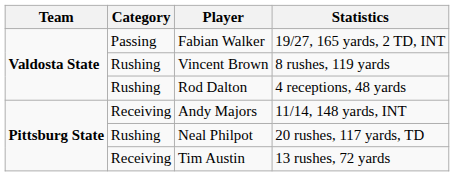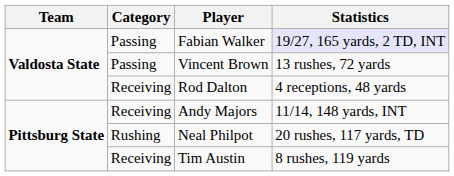 <table class="wikitable" style="float: right;">
 <tr>
 <th>Team</th>
 <th>Category</th>
 <th>Player</th>
 <th>Statistics</th>
 </tr>
 <tr>
 <td rowspan=3><strong>Valdosta State</strong></td>
 <td>Passing</td>
 <td>Fabian Walker</td>
-<td>19/27, 165 yards, 2 TD, INT</td>
+<td style="background: lavender;">19/27, 165 yards, 2 TD, INT</td>
 </tr>
 <tr>
-<td>Rushing</td>
+<td>Passing</td>
 <td>Vincent Brown</td>
-<td>8 rushes, 119 yards</td>
+<td>13 rushes, 72 yards</td>
 </tr>
 <tr>
-<td>Rushing</td>
+<td>Receiving</td>
 <td>Rod Dalton</td>
 <td>4 receptions, 48 yards</td>
 </tr>
 <tr>
 <td rowspan=3><strong>Pittsburg State</strong></td>
 <td>Receiving</td>
 <td>Andy Majors</td>
 <td>11/14, 148 yards, INT</td>
 </tr>
 <tr>
 <td>Rushing</td>
 <td>Neal Philpot</td>
 <td>20 rushes, 117 yards, TD</td>
 </tr>
 <tr>
 <td>Receiving</td>
 <td>Tim Austin</td>
-<td>13 rushes, 72 yards</td>
+<td>8 rushes, 119 yards</td>
 </tr>
 </table>
